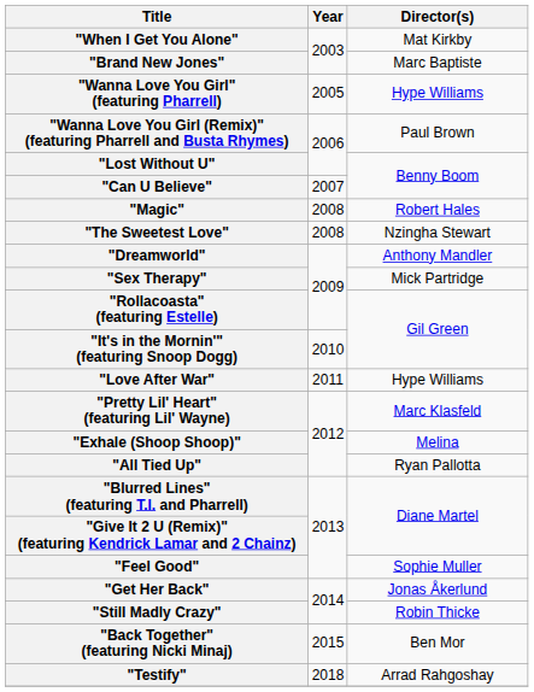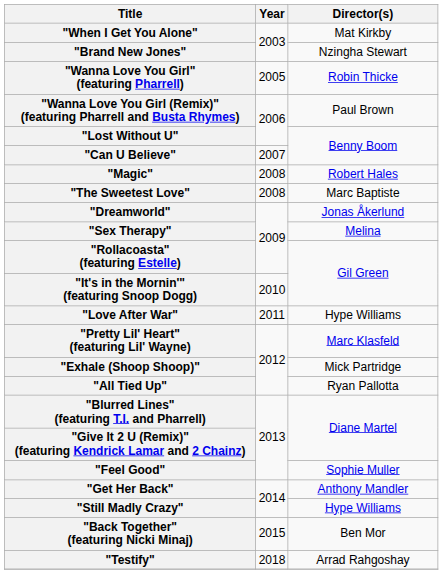 <table class="wikitable plainrowheaders" style="text-align:center;" border="1">
 <tr>
 <th scope="col" style="width:20.5em;">Title</th>
 <th scope="col">Year</th>
 <th scope="col" style="width:12em;">Director(s)</th>
 </tr>
 <tr>
 <th scope="row">"When I Get You Alone"</th>
 <td rowspan="2">2003</td>
 <td>Mat Kirkby</td>
 </tr>
 <tr>
 <th scope="row">"Brand New Jones"</th>
-<td>Marc Baptiste</td>
+<td>Nzingha Stewart</td>
 </tr>
 <tr>
 <th scope="row">"Wanna Love You Girl"<br><span>(featuring <a href='#'>Pharrell</a>)</span></th>
 <td>2005</td>
-<td><a href='#'>Hype Williams</a></td>
+<td><a href='#'>Robin Thicke</a></td>
 </tr>
 <tr>
 <th scope="row">"Wanna Love You Girl (Remix)"<br><span>(featuring Pharrell and <a href='#'>Busta Rhymes</a>)</span></th>
 <td rowspan="2">2006</td>
 <td>Paul Brown</td>
 </tr>
 <tr>
 <th scope="row">"Lost Without U"</th>
 <td rowspan="2"><a href='#'>Benny Boom</a></td>
 </tr>
 <tr>
 <th scope="row">"Can U Believe"</th>
 <td>2007</td>
 </tr>
 <tr>
 <th scope="row">"Magic"</th>
 <td>2008</td>
 <td><a href='#'>Robert Hales</a></td>
 </tr>
 <tr>
 <th scope="row">"The Sweetest Love"</th>
 <td>2008</td>
-<td>Nzingha Stewart</td>
+<td>Marc Baptiste</td>
 </tr>
 <tr>
 <th scope="row">"Dreamworld"</th>
 <td rowspan="3">2009</td>
-<td><a href='#'>Anthony Mandler</a></td>
+<td><a href='#'>Jonas Åkerlund</a></td>
 </tr>
 <tr>
 <th scope="row">"Sex Therapy"</th>
-<td>Mick Partridge</td>
+<td><a href='#'>Melina</a></td>
 </tr>
 <tr>
 <th scope="row">"Rollacoasta"<br><span>(featuring <a href='#'>Estelle</a>)</span></th>
 <td rowspan="2"><a href='#'>Gil Green</a></td>
 </tr>
 <tr>
 <th scope="row">"It's in the Mornin'"<br><span>(featuring Snoop Dogg)</span></th>
 <td>2010</td>
 </tr>
 <tr>
 <th scope="row">"Love After War"</th>
 <td>2011</td>
 <td>Hype Williams</td>
 </tr>
 <tr>
 <th scope="row">"Pretty Lil' Heart"<br><span>(featuring Lil' Wayne)</span></th>
 <td rowspan="3">2012</td>
 <td><a href='#'>Marc Klasfeld</a></td>
 </tr>
 <tr>
 <th scope="row">"Exhale (Shoop Shoop)"</th>
-<td><a href='#'>Melina</a></td>
+<td>Mick Partridge</td>
 </tr>
 <tr>
 <th scope="row">"All Tied Up"</th>
 <td>Ryan Pallotta</td>
 </tr>
 <tr>
 <th scope="row">"Blurred Lines"<br><span>(featuring <a href='#'>T.I.</a> and Pharrell)</span></th>
 <td rowspan="3">2013</td>
 <td rowspan="2"><a href='#'>Diane Martel</a></td>
 </tr>
 <tr>
 <th scope="row">"Give It 2 U (Remix)"<br><span>(featuring <a href='#'>Kendrick Lamar</a> and <a href='#'>2 Chainz</a>)</span></th>
 </tr>
 <tr>
 <th scope="row">"Feel Good"</th>
 <td><a href='#'>Sophie Muller</a></td>
 </tr>
 <tr>
 <th scope="row">"Get Her Back"</th>
 <td rowspan="2">2014</td>
-<td><a href='#'>Jonas Åkerlund</a></td>
+<td><a href='#'>Anthony Mandler</a></td>
 </tr>
 <tr>
 <th scope="row">"Still Madly Crazy"</th>
-<td><a href='#'>Robin Thicke</a></td>
+<td><a href='#'>Hype Williams</a></td>
 </tr>
 <tr>
 <th scope="row">"Back Together"<br><span>(featuring Nicki Minaj)</span></th>
 <td>2015</td>
 <td>Ben Mor</td>
 </tr>
 <tr>
 <th scope="row">"Testify"</th>
 <td>2018</td>
 <td>Arrad Rahgoshay</td>
 </tr>
 <tr>
 </tr>
 </table>
